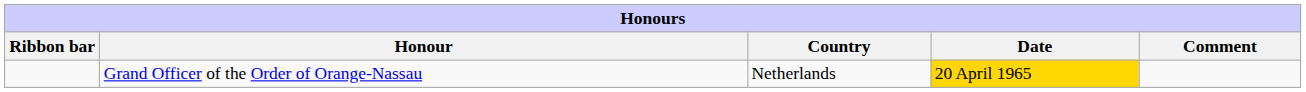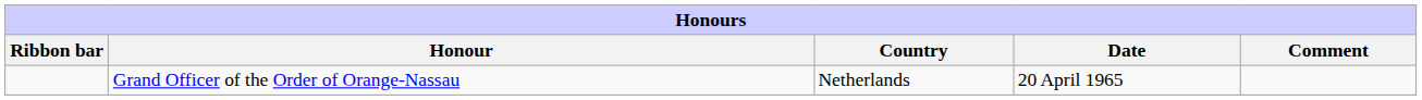 <table class="wikitable" style="width:60%;">
 <tr style="background:#ccf; text-align:center;">
 <td colspan=5><strong>Honours</strong></td>
 </tr>
 <tr>
 <th style="width:80px;">Ribbon bar</th>
 <th>Honour</th>
 <th>Country</th>
 <th>Date</th>
 <th>Comment</th>
 </tr>
 <tr>
 <td></td>
 <td><a href='#'>Grand Officer</a> of the <a href='#'>Order of Orange-Nassau</a></td>
 <td>Netherlands</td>
-<td style="background: gold;">20 April 1965</td>
+<td>20 April 1965</td>
 <td></td>
 </tr>
 </table>
